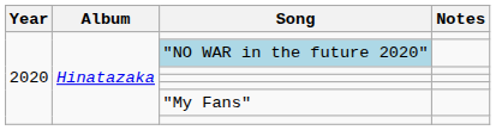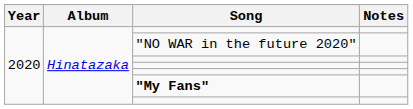 <table class="wikitable">
 <tr>
 <th>Year</th>
 <th>Album</th>
 <th>Song</th>
 <th>Notes</th>
 </tr>
 <tr>
 <td rowspan="8">2020</td>
 <td rowspan="8"><em><a href='#'>Hinatazaka</a></em></td>
 <td></td>
 <td></td>
 </tr>
 <tr>
-<td style="background: lightblue;">"NO WAR in the future 2020"</td>
+<td>"NO WAR in the future 2020"</td>
 <td></td>
 </tr>
 <tr>
 <td></td>
 <td></td>
 </tr>
 <tr>
 <td></td>
 <td></td>
 </tr>
 <tr>
 <td></td>
 <td></td>
 </tr>
 <tr>
-<td>"My Fans"</td>
+<td><strong>"My Fans"</strong></td>
 <td></td>
 </tr>
 <tr>
 <td></td>
 <td></td>
 </tr>
 </table>
